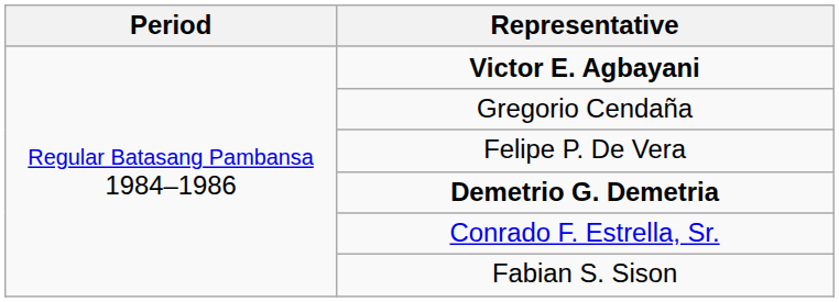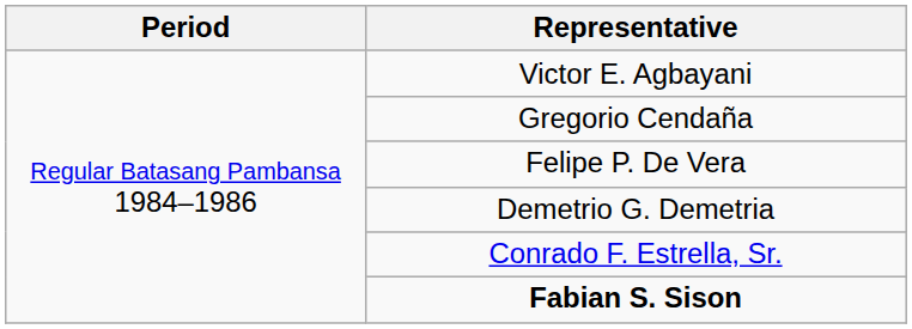 <table class="wikitable" style="text-align:center; width:40%;">
 <tr>
 <th width="40%">Period</th>
 <th>Representative</th>
 </tr>
 <tr>
 <td rowspan="6"><small><a href='#'>Regular Batasang Pambansa</a></small><br>1984–1986</td>
-<td><strong>Victor E. Agbayani</strong></td>
+<td>Victor E. Agbayani</td>
 </tr>
 <tr>
 <td>Gregorio Cendaña</td>
 </tr>
 <tr>
 <td>Felipe P. De Vera</td>
 </tr>
 <tr>
-<td><strong>Demetrio G. Demetria</strong></td>
+<td>Demetrio G. Demetria</td>
 </tr>
 <tr>
 <td><a href='#'>Conrado F. Estrella, Sr.</a></td>
 </tr>
 <tr>
-<td>Fabian S. Sison</td>
+<td><strong>Fabian S. Sison</strong></td>
 </tr>
 </table>
